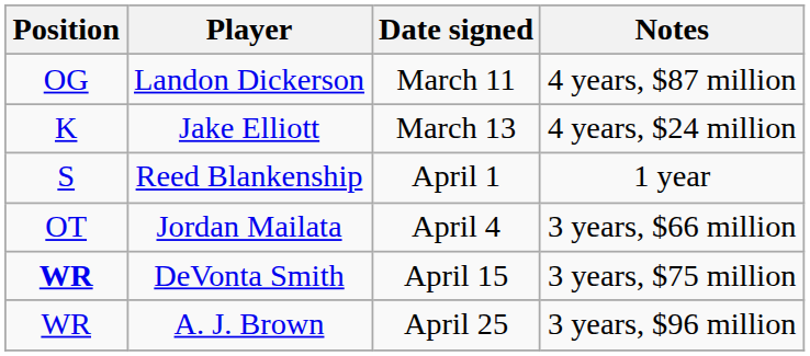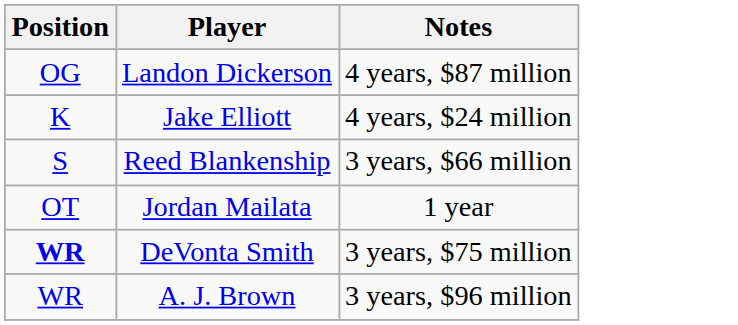 <table class="wikitable" style="text-align:center">
 <tr>
 <th>Position</th>
 <th>Player</th>
-<th>Date signed</th>
 <th>Notes</th>
 </tr>
 <tr>
 <td><a href='#'>OG</a></td>
 <td><a href='#'>Landon Dickerson</a></td>
-<td>March 11</td>
 <td>4 years, $87 million</td>
 </tr>
 <tr>
 <td><a href='#'>K</a></td>
 <td><a href='#'>Jake Elliott</a></td>
-<td>March 13</td>
 <td>4 years, $24 million</td>
 </tr>
 <tr>
 <td><a href='#'>S</a></td>
 <td><a href='#'>Reed Blankenship</a></td>
-<td>April 1</td>
-<td>1 year</td>
+<td>3 years, $66 million</td>
 </tr>
 <tr>
 <td><a href='#'>OT</a></td>
 <td><a href='#'>Jordan Mailata</a></td>
-<td>April 4</td>
-<td>3 years, $66 million</td>
+<td>1 year</td>
 </tr>
 <tr>
 <td><strong><a href='#'>WR</a></strong></td>
 <td><a href='#'>DeVonta Smith</a></td>
-<td>April 15</td>
 <td>3 years, $75 million</td>
 </tr>
 <tr>
 <td><a href='#'>WR</a></td>
 <td><a href='#'>A. J. Brown</a></td>
-<td>April 25</td>
 <td>3 years, $96 million</td>
 </tr>
 </table>
